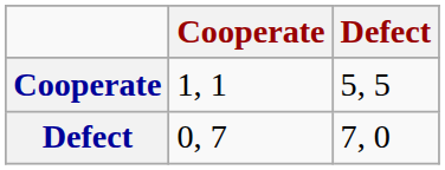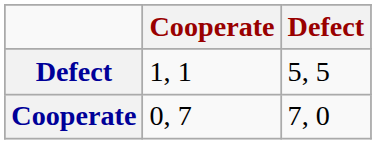 <table class="wikitable">
 <tr>
 <td></td>
 <th scope="col" style="color: #900">Cooperate</th>
 <th scope="col" style="color: #900">Defect</th>
 </tr>
 <tr>
-<th scope="row" style="color: #009">Cooperate</th>
+<th scope="row" style="color: #009">Defect</th>
 <td><span>1</span>, <span>1</span></td>
 <td><span>5</span>, <span>5</span></td>
 </tr>
 <tr>
-<th scope="row" style="color: #009">Defect</th>
+<th scope="row" style="color: #009">Cooperate</th>
 <td><span>0</span>, <span>7</span></td>
 <td><span>7</span>, <span>0</span></td>
 </tr>
 </table>
